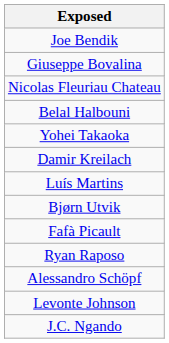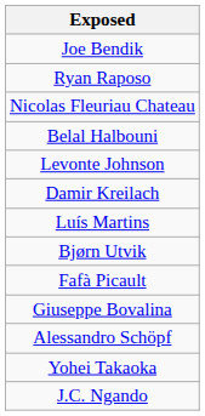 <table class="wikitable" style="text-align:center">
 <tr>
 <th>Exposed</th>
 </tr>
 <tr>
 <td><a href='#'>Joe Bendik</a></td>
 </tr>
 <tr>
-<td><a href='#'>Giuseppe Bovalina</a></td>
+<td><a href='#'>Ryan Raposo</a></td>
 </tr>
 <tr>
 <td><a href='#'>Nicolas Fleuriau Chateau</a></td>
 </tr>
 <tr>
 <td><a href='#'>Belal Halbouni</a></td>
 </tr>
 <tr>
-<td><a href='#'>Yohei Takaoka</a></td>
+<td><a href='#'>Levonte Johnson</a></td>
 </tr>
 <tr>
 <td><a href='#'>Damir Kreilach</a></td>
 </tr>
 <tr>
 <td><a href='#'>Luís Martins</a></td>
 </tr>
 <tr>
 <td><a href='#'>Bjørn Utvik</a></td>
 </tr>
 <tr>
 <td><a href='#'>Fafà Picault</a></td>
 </tr>
 <tr>
-<td><a href='#'>Ryan Raposo</a></td>
+<td><a href='#'>Giuseppe Bovalina</a></td>
 </tr>
 <tr>
 <td><a href='#'>Alessandro Schöpf</a></td>
 </tr>
 <tr>
-<td><a href='#'>Levonte Johnson</a></td>
+<td><a href='#'>Yohei Takaoka</a></td>
 </tr>
 <tr>
 <td><a href='#'>J.C. Ngando</a></td>
 </tr>
 </table>
